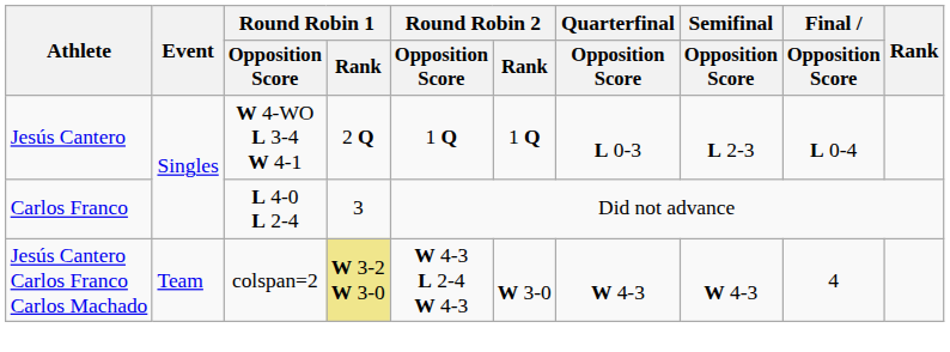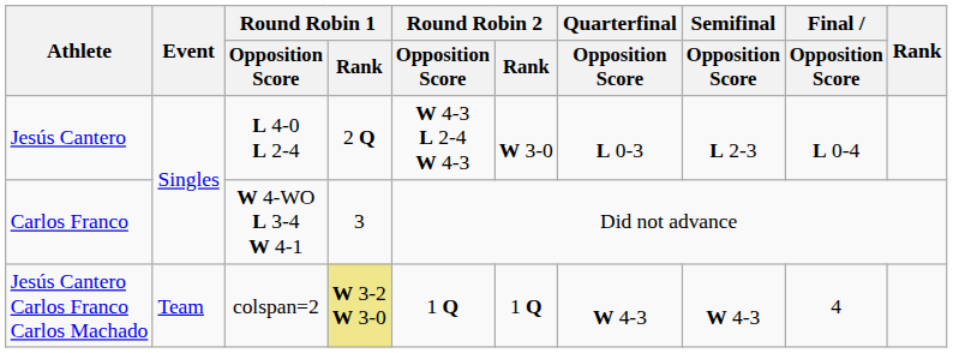 <table class=wikitable style="font-size:90%">
 <tr>
 <th rowspan=2>Athlete</th>
 <th rowspan=2>Event</th>
 <th colspan=2>Round Robin 1</th>
 <th colspan=2>Round Robin 2</th>
 <th>Quarterfinal</th>
 <th>Semifinal</th>
 <th>Final / </th>
 <th rowspan=2>Rank</th>
 </tr>
 <tr style="font-size:95%">
 <th>Opposition<br>Score</th>
 <th>Rank</th>
 <th>Opposition<br>Score</th>
 <th>Rank</th>
 <th>Opposition<br>Score</th>
 <th>Opposition<br>Score</th>
 <th>Opposition<br>Score</th>
 </tr>
 <tr align=center>
 <td align=left><a href='#'>Jesús Cantero</a></td>
 <td align=left rowspan=2><a href='#'>Singles</a></td>
-<td> <strong>W</strong> 4-WO<br> <strong>L</strong> 3-4<br> <strong>W</strong> 4-1</td>
+<td> <strong>L</strong> 4-0<br> <strong>L</strong> 2-4</td>
 <td>2 <strong>Q</strong></td>
-<td>1 <strong>Q</strong></td>
-<td>1 <strong>Q</strong></td>
+<td> <strong>W</strong> 4-3<br> <strong>L</strong> 2-4<br> <strong>W</strong> 4-3</td>
+<td><br> <strong>W</strong> 3-0</td>
 <td><br> <strong>L</strong> 0-3</td>
 <td><br> <strong>L</strong> 2-3</td>
 <td> <br><strong>L</strong> 0-4</td>
 <td></td>
 </tr>
 <tr align=center>
 <td align=left><a href='#'>Carlos Franco</a></td>
-<td> <strong>L</strong> 4-0<br> <strong>L</strong> 2-4</td>
+<td> <strong>W</strong> 4-WO<br> <strong>L</strong> 3-4<br> <strong>W</strong> 4-1</td>
 <td>3</td>
 <td colspan=6>Did not advance</td>
 </tr>
 <tr align=center>
 <td align=left><a href='#'>Jesús Cantero</a><br><a href='#'>Carlos Franco</a><br><a href='#'>Carlos Machado</a></td>
 <td align=left><a href='#'>Team</a></td>
 <td>colspan=2 </td>
 <td style="background: khaki;"> <strong>W</strong> 3-2<br> <strong>W</strong> 3-0</td>
-<td> <strong>W</strong> 4-3<br> <strong>L</strong> 2-4<br> <strong>W</strong> 4-3</td>
-<td><br> <strong>W</strong> 3-0</td>
+<td>1 <strong>Q</strong></td>
+<td>1 <strong>Q</strong></td>
 <td> <br><strong>W</strong> 4-3</td>
 <td> <br><strong>W</strong> 4-3</td>
 <td>4</td>
 </tr>
 </table>
